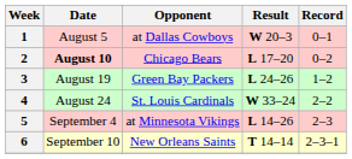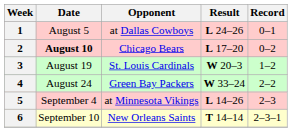 <table class="wikitable" style="text-align:center">
 <tr>
 <th>Week</th>
 <th>Date</th>
 <th>Opponent</th>
 <th>Result</th>
 <th>Record</th>
 </tr>
 <tr style="background:#fcc">
 <th>1</th>
 <td>August 5</td>
 <td>at <a href='#'>Dallas Cowboys</a></td>
-<td><strong>W</strong> 20–3</td>
+<td><strong>L</strong> 24–26</td>
 <td>0–1</td>
 </tr>
 <tr style="background:#fcc">
 <th>2</th>
 <td><strong>August 10</strong></td>
 <td><a href='#'>Chicago Bears</a></td>
 <td><strong>L</strong> 17–20</td>
 <td>0–2</td>
 </tr>
 <tr style="background:#cfc">
 <th>3</th>
 <td>August 19</td>
-<td><a href='#'>Green Bay Packers</a></td>
-<td><strong>L</strong> 24–26</td>
+<td><a href='#'>St. Louis Cardinals</a></td>
+<td><strong>W</strong> 20–3</td>
 <td>1–2</td>
 </tr>
 <tr style="background:#cfc">
 <th>4</th>
 <td>August 24</td>
-<td><a href='#'>St. Louis Cardinals</a></td>
+<td><a href='#'>Green Bay Packers</a></td>
 <td><strong>W</strong> 33–24</td>
 <td>2–2</td>
 </tr>
 <tr style="background:#fcc">
 <th>5</th>
 <td>September 4</td>
 <td>at <a href='#'>Minnesota Vikings</a></td>
 <td><strong>L</strong> 14–26</td>
 <td>2–3</td>
 </tr>
 <tr style="background:#ffc">
 <th>6</th>
 <td>September 10</td>
 <td><a href='#'>New Orleans Saints</a></td>
 <td><strong>T</strong> 14–14</td>
 <td>2–3–1</td>
 </tr>
 <tr style="background:#cfc">
 </tr>
 </table>
